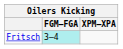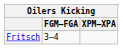 <table class="wikitable">
 <tr>
 <th colspan="3">Oilers Kicking</th>
 </tr>
 <tr>
 <th></th>
 <th>FGM–FGA</th>
 <th>XPM–XPA</th>
 </tr>
 <tr>
 <td><a href='#'>Fritsch</a></td>
-<td style="background: paleturquoise;">3–4</td>
+<td>3–4</td>
 <td></td>
 </tr>
 </table>
